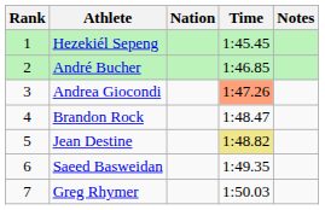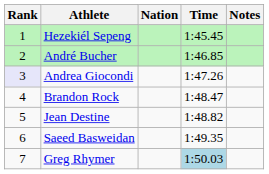 <table class="wikitable sortable" style="text-align:center">
 <tr>
 <th>Rank</th>
 <th>Athlete</th>
 <th>Nation</th>
 <th>Time</th>
 <th>Notes</th>
 </tr>
 <tr bgcolor=bbf3bb>
 <td>1</td>
 <td align=left><a href='#'>Hezekiél Sepeng</a></td>
 <td align=left></td>
 <td>1:45.45</td>
 <td></td>
 </tr>
 <tr bgcolor=bbf3bb>
 <td>2</td>
 <td align=left><a href='#'>André Bucher</a></td>
 <td align=left></td>
 <td>1:46.85</td>
 <td></td>
 </tr>
 <tr>
-<td>3</td>
+<td style="background: lavender;">3</td>
 <td align=left><a href='#'>Andrea Giocondi</a></td>
 <td align=left></td>
-<td style="background: lightsalmon;">1:47.26</td>
+<td>1:47.26</td>
 <td></td>
 </tr>
 <tr>
 <td>4</td>
 <td align=left><a href='#'>Brandon Rock</a></td>
 <td align=left></td>
 <td>1:48.47</td>
 <td></td>
 </tr>
 <tr>
 <td>5</td>
 <td align=left><a href='#'>Jean Destine</a></td>
 <td align=left></td>
-<td style="background: khaki;">1:48.82</td>
+<td>1:48.82</td>
 <td></td>
 </tr>
 <tr>
 <td>6</td>
 <td align=left><a href='#'>Saeed Basweidan</a></td>
 <td align=left></td>
 <td>1:49.35</td>
 <td></td>
 </tr>
 <tr>
 <td>7</td>
 <td align=left><a href='#'>Greg Rhymer</a></td>
 <td align=left></td>
-<td>1:50.03</td>
+<td style="background: lightblue;">1:50.03</td>
 </tr>
 </table>
